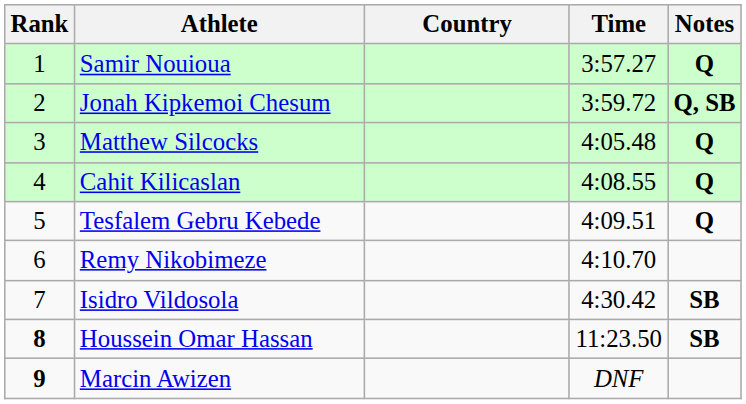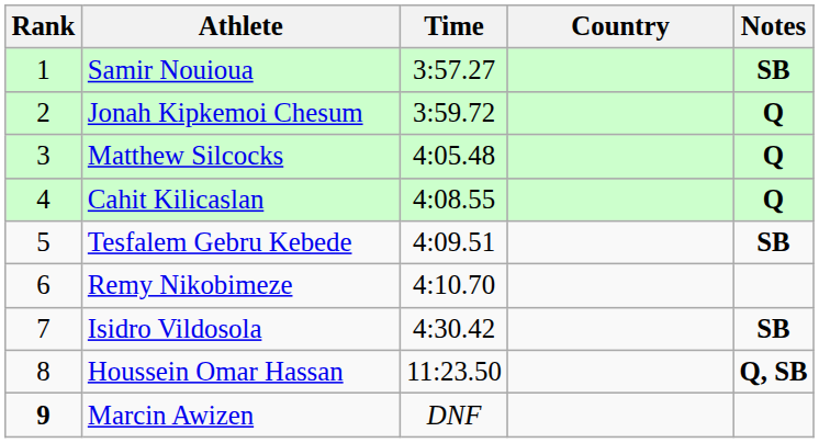 <table class="wikitable sortable" style="text-align:center">
 <tr>
 <th>Rank</th>
 <th style="width:180px">Athlete</th>
+<th>Time</th>
 <th style="width:125px">Country</th>
-<th>Time</th>
 <th>Notes</th>
 </tr>
 <tr style="background:#cfc;">
 <td>1</td>
 <td style="text-align:left;"><a href='#'>Samir Nouioua</a></td>
+<td>3:57.27</td>
 <td style="text-align:left;"></td>
-<td>3:57.27</td>
-<td><strong>Q</strong></td>
+<td><strong>SB</strong></td>
 </tr>
 <tr style="background:#cfc;">
 <td>2</td>
 <td style="text-align:left;"><a href='#'>Jonah Kipkemoi Chesum</a></td>
+<td>3:59.72</td>
 <td style="text-align:left;"></td>
-<td>3:59.72</td>
-<td><strong>Q, SB</strong></td>
+<td><strong>Q</strong></td>
 </tr>
 <tr style="background:#cfc;">
 <td>3</td>
 <td style="text-align:left;"><a href='#'>Matthew Silcocks</a></td>
+<td>4:05.48</td>
 <td style="text-align:left;"></td>
-<td>4:05.48</td>
 <td><strong>Q</strong></td>
 </tr>
 <tr style="background:#cfc">
 <td>4</td>
 <td style="text-align:left;"><a href='#'>Cahit Kilicaslan</a></td>
+<td>4:08.55</td>
 <td style="text-align:left;"></td>
-<td>4:08.55</td>
 <td><strong>Q</strong></td>
 </tr>
 <tr>
 <td>5</td>
 <td style="text-align:left;"><a href='#'>Tesfalem Gebru Kebede</a></td>
+<td>4:09.51</td>
 <td style="text-align:left;"></td>
-<td>4:09.51</td>
-<td><strong>Q</strong></td>
+<td><strong>SB</strong></td>
 </tr>
 <tr>
 <td>6</td>
 <td style="text-align:left;"><a href='#'>Remy Nikobimeze</a></td>
+<td>4:10.70</td>
 <td style="text-align:left;"></td>
-<td>4:10.70</td>
 <td></td>
 </tr>
 <tr>
 <td>7</td>
 <td style="text-align:left;"><a href='#'>Isidro Vildosola</a></td>
+<td>4:30.42</td>
 <td style="text-align:left;"></td>
-<td>4:30.42</td>
 <td><strong>SB</strong></td>
 </tr>
 <tr>
-<td><strong>8</strong></td>
+<td>8</td>
 <td style="text-align:left;"><a href='#'>Houssein Omar Hassan</a></td>
+<td>11:23.50</td>
 <td style="text-align:left;"></td>
-<td>11:23.50</td>
-<td><strong>SB</strong></td>
+<td><strong>Q, SB</strong></td>
 </tr>
 <tr>
 <td><strong>9</strong></td>
 <td style="text-align:left;"><a href='#'>Marcin Awizen</a></td>
+<td><em>DNF</em></td>
 <td style="text-align:left;"></td>
-<td><em>DNF</em></td>
 <td></td>
 </tr>
 </table>
